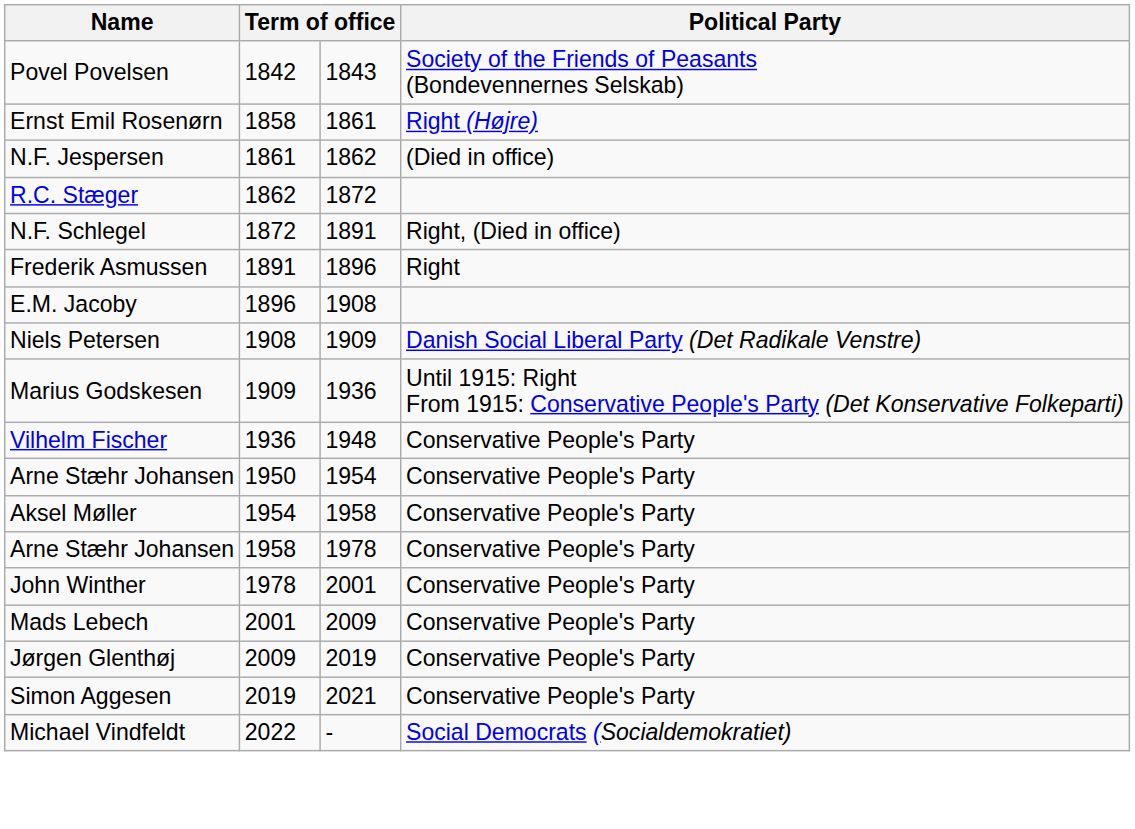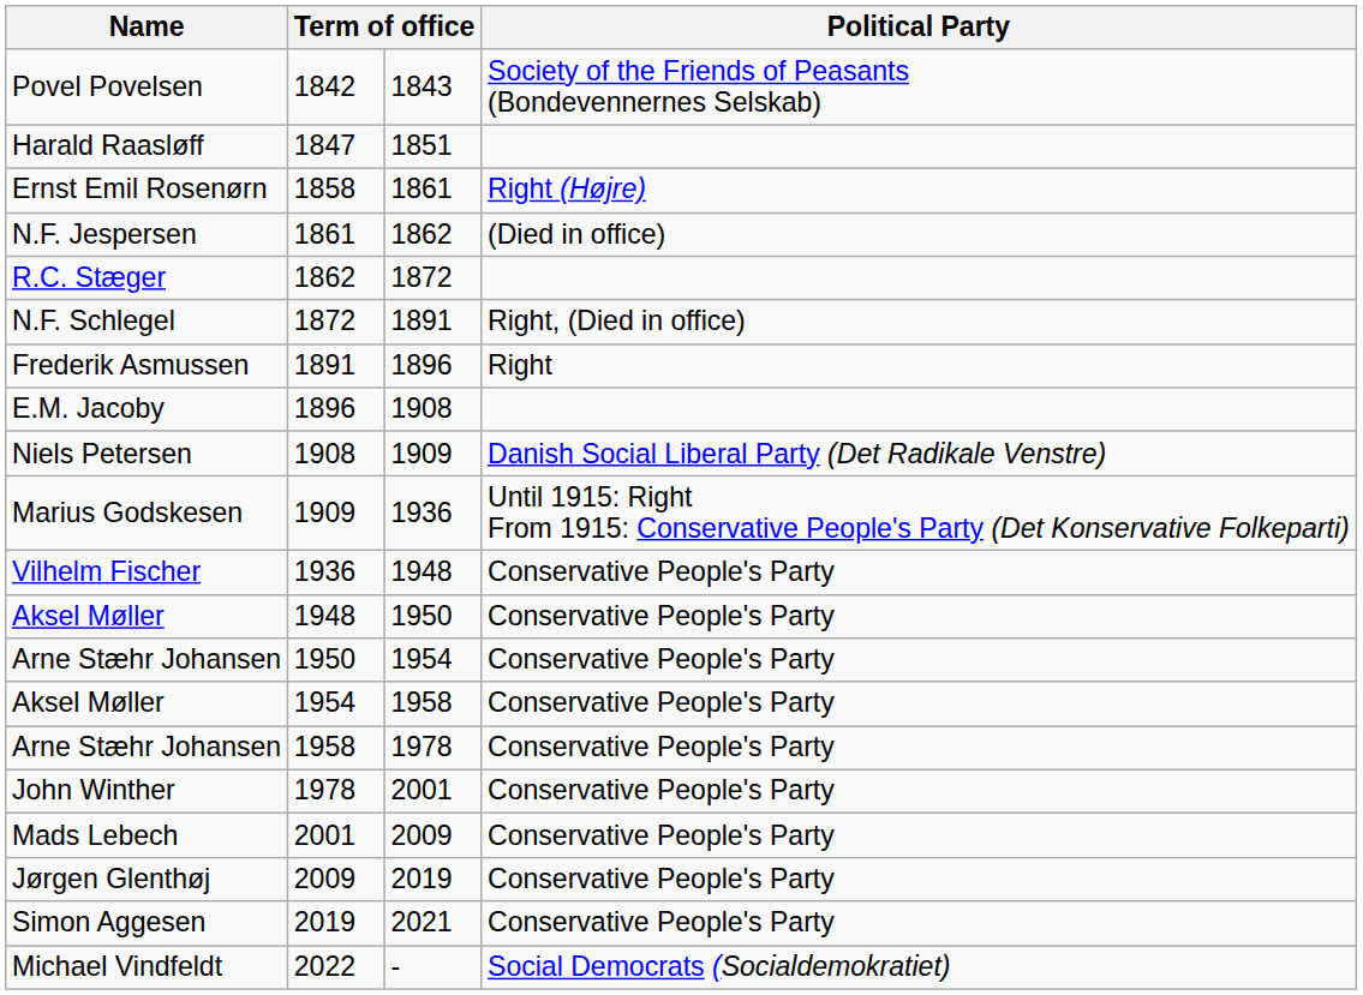 <table class="wikitable sortable">
 <tr>
 <th>Name</th>
 <th colspan="2">Term of office</th>
 <th>Political Party</th>
 </tr>
 <tr>
 <td>Povel Povelsen</td>
 <td>1842</td>
 <td>1843</td>
 <td><a href='#'>Society of the Friends of Peasants</a><br>(Bondevennernes Selskab)</td>
+</tr>
+<tr>
+<td>Harald Raasløff</td>
+<td>1847</td>
+<td>1851</td>
+<td></td>
 </tr>
 <tr>
 <td>Ernst Emil Rosenørn</td>
 <td>1858</td>
 <td>1861</td>
 <td><a href='#'>Right <em>(Højre)</em></a></td>
 </tr>
 <tr>
 <td>N.F. Jespersen</td>
 <td>1861</td>
 <td>1862</td>
 <td>(Died in office)</td>
 </tr>
 <tr>
 <td><a href='#'>R.C. Stæger</a></td>
 <td>1862</td>
 <td>1872</td>
 <td></td>
 </tr>
 <tr>
 <td>N.F. Schlegel</td>
 <td>1872</td>
 <td>1891</td>
 <td>Right, (Died in office)</td>
 </tr>
 <tr>
 <td>Frederik Asmussen</td>
 <td>1891</td>
 <td>1896</td>
 <td>Right</td>
 </tr>
 <tr>
 <td>E.M. Jacoby</td>
 <td>1896</td>
 <td>1908</td>
 <td></td>
 </tr>
 <tr>
 <td>Niels Petersen</td>
 <td>1908</td>
 <td>1909</td>
 <td><a href='#'>Danish Social Liberal Party</a> <em>(Det Radikale Venstre)</em></td>
 </tr>
 <tr>
 <td>Marius Godskesen</td>
 <td>1909</td>
 <td>1936</td>
 <td>Until 1915: Right<br>From 1915: <a href='#'>Conservative People's Party</a>  <em>(Det Konservative Folkeparti)</em></td>
 </tr>
 <tr>
 <td><a href='#'>Vilhelm Fischer</a></td>
 <td>1936</td>
 <td>1948</td>
 <td>Conservative People's Party</td>
 </tr>
 <tr>
+<td><a href='#'>Aksel Møller</a></td>
+<td>1948</td>
+<td>1950</td>
+<td>Conservative People's Party</td>
+</tr>
+<tr>
 <td>Arne Stæhr Johansen</td>
 <td>1950</td>
 <td>1954</td>
 <td>Conservative People's Party</td>
 </tr>
 <tr>
 <td>Aksel Møller</td>
 <td>1954</td>
 <td>1958</td>
 <td>Conservative People's Party</td>
 </tr>
 <tr>
 <td>Arne Stæhr Johansen</td>
 <td>1958</td>
 <td>1978</td>
 <td>Conservative People's Party</td>
 </tr>
 <tr>
 <td>John Winther</td>
 <td>1978</td>
 <td>2001</td>
 <td>Conservative People's Party</td>
 </tr>
 <tr>
 <td>Mads Lebech</td>
 <td>2001</td>
 <td>2009</td>
 <td>Conservative People's Party</td>
 </tr>
 <tr>
 <td>Jørgen Glenthøj</td>
 <td>2009</td>
 <td>2019</td>
 <td>Conservative People's Party</td>
 </tr>
 <tr>
 <td>Simon Aggesen</td>
 <td>2019</td>
 <td>2021</td>
 <td>Conservative People's Party</td>
 </tr>
 <tr>
 <td>Michael Vindfeldt</td>
 <td>2022</td>
 <td>-</td>
 <td><a href='#'>Social Democrats</a> <a href='#'><em>(</em></a><em>Socialdemokratiet)</em></td>
 </tr>
 </table>
